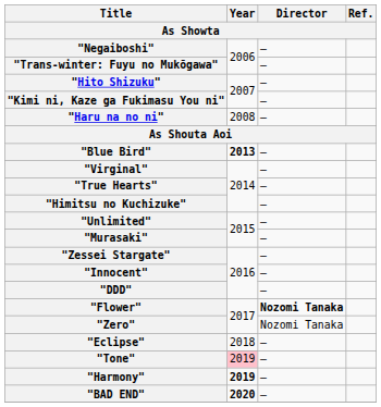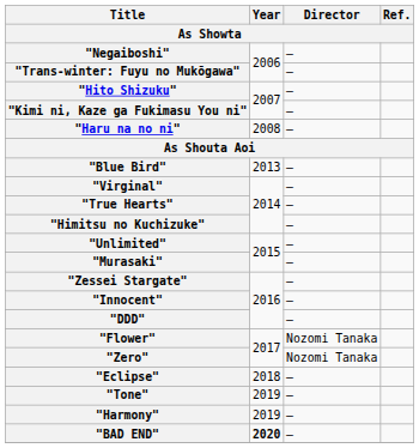 <table class="wikitable plainrowheaders">
 <tr>
 <th>Title</th>
 <th>Year</th>
 <th>Director</th>
 <th>Ref.</th>
 </tr>
 <tr>
 <th scope="col" colspan="4">As Showta</th>
 </tr>
 <tr>
 <th scope="row">"Negaiboshi"</th>
 <td rowspan="2">2006</td>
 <td>—</td>
 <td></td>
 </tr>
 <tr>
 <th scope="row">"Trans-winter: Fuyu no Mukōgawa"</th>
 <td>—</td>
 <td></td>
 </tr>
 <tr>
 <th scope="row">"<a href='#'>Hito Shizuku</a>"</th>
 <td rowspan="2">2007</td>
 <td>—</td>
 <td></td>
 </tr>
 <tr>
 <th scope="row">"Kimi ni, Kaze ga Fukimasu You ni"</th>
 <td>—</td>
 <td></td>
 </tr>
 <tr>
 <th scope="row">"<a href='#'>Haru na no ni</a>"</th>
 <td>2008</td>
 <td>—</td>
 <td></td>
 </tr>
 <tr>
 <th scope="col" colspan="4">As Shouta Aoi</th>
 </tr>
 <tr>
 <th scope="row">"Blue Bird"</th>
-<td><strong>2013</strong></td>
+<td>2013</td>
 <td>—</td>
 <td></td>
 </tr>
 <tr>
 <th scope="row">"Virginal"</th>
 <td rowspan="3">2014</td>
 <td>—</td>
 <td></td>
 </tr>
 <tr>
 <th scope="row">"True Hearts"</th>
 <td>—</td>
 <td></td>
 </tr>
 <tr>
 <th scope="row">"Himitsu no Kuchizuke"</th>
 <td>—</td>
 <td></td>
 </tr>
 <tr>
 <th scope="row">"Unlimited"</th>
 <td rowspan="2">2015</td>
 <td>—</td>
 <td></td>
 </tr>
 <tr>
 <th scope="row">"Murasaki"</th>
 <td>—</td>
 <td></td>
 </tr>
 <tr>
 <th scope="row">"Zessei Stargate"</th>
 <td rowspan="3">2016</td>
 <td>—</td>
 <td></td>
 </tr>
 <tr>
 <th scope="row">"Innocent"</th>
 <td>—</td>
 <td></td>
 </tr>
 <tr>
 <th scope="row">"DDD"</th>
 <td>—</td>
 <td></td>
 </tr>
 <tr>
 <th scope="row">"Flower"</th>
 <td rowspan="2">2017</td>
-<td><strong>Nozomi Tanaka</strong></td>
+<td>Nozomi Tanaka</td>
 <td></td>
 </tr>
 <tr>
 <th scope="row">"Zero"</th>
 <td>Nozomi Tanaka</td>
 <td></td>
 </tr>
 <tr>
 <th scope="row">"Eclipse"</th>
 <td>2018</td>
 <td>—</td>
 <td></td>
 </tr>
 <tr>
 <th scope="row">"Tone"</th>
-<td style="background: pink;">2019</td>
+<td>2019</td>
 <td>—</td>
 <td></td>
 </tr>
 <tr>
 <th scope="row">"Harmony"</th>
-<td><strong>2019</strong></td>
+<td>2019</td>
 <td>—</td>
 <td></td>
 </tr>
 <tr>
 <th scope="row">"BAD END"</th>
 <td><strong>2020</strong></td>
 <td>—</td>
 <td></td>
 </tr>
 <tr>
 </tr>
 </table>
